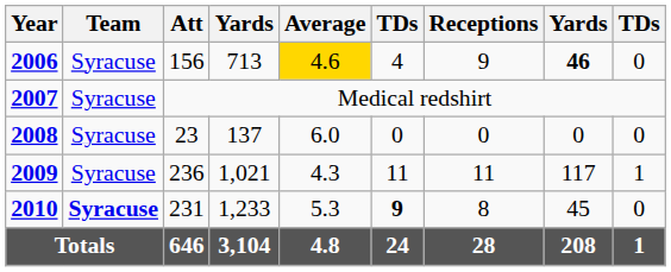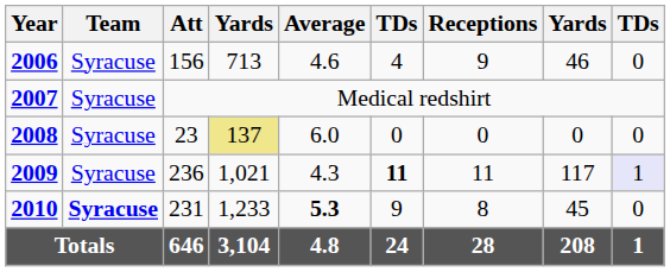 <table class="wikitable" style="text-align:center;">
 <tr>
 <th>Year</th>
 <th>Team</th>
 <th>Att</th>
 <th>Yards</th>
 <th>Average</th>
 <th>TDs</th>
 <th>Receptions</th>
 <th>Yards</th>
 <th>TDs</th>
 </tr>
 <tr>
 <td><strong><a href='#'>2006</a></strong></td>
 <td><a href='#'>Syracuse</a></td>
 <td>156</td>
 <td>713</td>
-<td style="background: gold;">4.6</td>
+<td>4.6</td>
 <td>4</td>
 <td>9</td>
-<td><strong>46</strong></td>
+<td>46</td>
 <td>0</td>
 </tr>
 <tr>
 <td><strong><a href='#'>2007</a></strong></td>
 <td><a href='#'>Syracuse</a></td>
 <td colspan=7 style="text-align:center;">Medical redshirt</td>
 </tr>
 <tr>
 <td><strong><a href='#'>2008</a></strong></td>
 <td><a href='#'>Syracuse</a></td>
 <td>23</td>
-<td>137</td>
+<td style="background: khaki;">137</td>
 <td>6.0</td>
 <td>0</td>
 <td>0</td>
 <td>0</td>
 <td>0</td>
 </tr>
 <tr>
 <td><strong><a href='#'>2009</a></strong></td>
 <td><a href='#'>Syracuse</a></td>
 <td>236</td>
 <td>1,021</td>
 <td>4.3</td>
-<td>11</td>
+<td><strong>11</strong></td>
 <td>11</td>
 <td>117</td>
-<td>1</td>
+<td style="background: lavender;">1</td>
 </tr>
 <tr>
 <td><strong><a href='#'>2010</a></strong></td>
 <td><strong><a href='#'>Syracuse</a></strong></td>
 <td>231</td>
 <td>1,233</td>
-<td>5.3</td>
-<td><strong>9</strong></td>
+<td><strong>5.3</strong></td>
+<td>9</td>
 <td>8</td>
 <td>45</td>
 <td>0</td>
 </tr>
 <tr style="background:#555555;font-weight:bold;color:white;">
 <td colspan=2>Totals</td>
 <td>646</td>
 <td>3,104</td>
 <td>4.8</td>
 <td>24</td>
 <td>28</td>
 <td>208</td>
 <td>1</td>
 </tr>
 <tr style="background:#555555;font-weight:bold;color:white;">
 </tr>
 </table>
